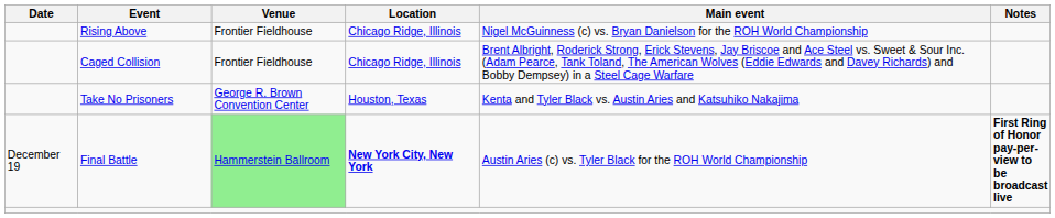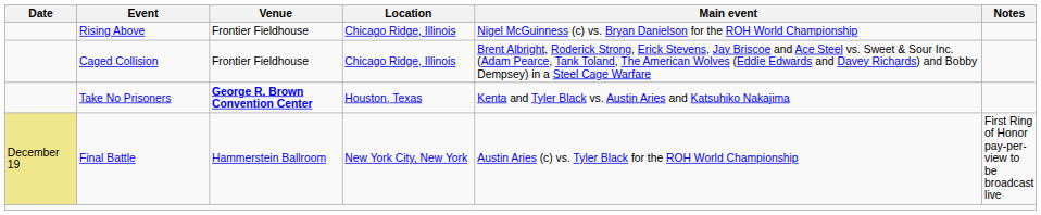 <table class="sortable wikitable succession-box" style="font-size:85%;">
 <tr>
 <th width=7%>Date</th>
 <th width="13%">Event</th>
 <th width=13%>Venue</th>
 <th width=13%>Location</th>
 <th width=50%>Main event</th>
 <th width=13%>Notes</th>
 </tr>
 <tr>
 <td></td>
 <td><a href='#'>Rising Above</a></td>
 <td>Frontier Fieldhouse</td>
 <td><a href='#'>Chicago Ridge, Illinois</a></td>
 <td><a href='#'>Nigel McGuinness</a> (c) vs. <a href='#'>Bryan Danielson</a> for the <a href='#'>ROH World Championship</a></td>
 <td></td>
 </tr>
 <tr>
 <td></td>
 <td><a href='#'>Caged Collision</a></td>
 <td>Frontier Fieldhouse</td>
 <td><a href='#'>Chicago Ridge, Illinois</a></td>
 <td><a href='#'>Brent Albright</a>, <a href='#'>Roderick Strong</a>, <a href='#'>Erick Stevens</a>, <a href='#'>Jay Briscoe</a> and <a href='#'>Ace Steel</a> vs. Sweet & Sour Inc. (<a href='#'>Adam Pearce</a>, <a href='#'>Tank Toland</a>, <a href='#'>The American Wolves</a> (<a href='#'>Eddie Edwards</a> and <a href='#'>Davey Richards</a>) and Bobby Dempsey) in a <a href='#'>Steel Cage Warfare</a></td>
 <td></td>
 </tr>
 <tr>
 <td></td>
 <td><a href='#'>Take No Prisoners</a></td>
-<td><a href='#'>George R. Brown Convention Center</a></td>
+<td><strong><a href='#'>George R. Brown Convention Center</a></strong></td>
 <td><a href='#'>Houston, Texas</a></td>
 <td><a href='#'>Kenta</a> and <a href='#'>Tyler Black</a> vs. <a href='#'>Austin Aries</a> and <a href='#'>Katsuhiko Nakajima</a></td>
 <td></td>
 </tr>
 <tr>
-<td>December 19</td>
+<td style="background: khaki;">December 19</td>
 <td><a href='#'>Final Battle</a></td>
-<td style="background: lightgreen;"><a href='#'>Hammerstein Ballroom</a></td>
-<td><strong><a href='#'>New York City, New York</a></strong></td>
+<td><a href='#'>Hammerstein Ballroom</a></td>
+<td><a href='#'>New York City, New York</a></td>
 <td><a href='#'>Austin Aries</a> (c) vs. <a href='#'>Tyler Black</a> for the <a href='#'>ROH World Championship</a></td>
-<td><strong>First Ring of Honor pay-per-view to be broadcast live</strong></td>
+<td>First Ring of Honor pay-per-view to be broadcast live</td>
 </tr>
 <tr>
 <td colspan="7"></td>
 </tr>
 </table>
